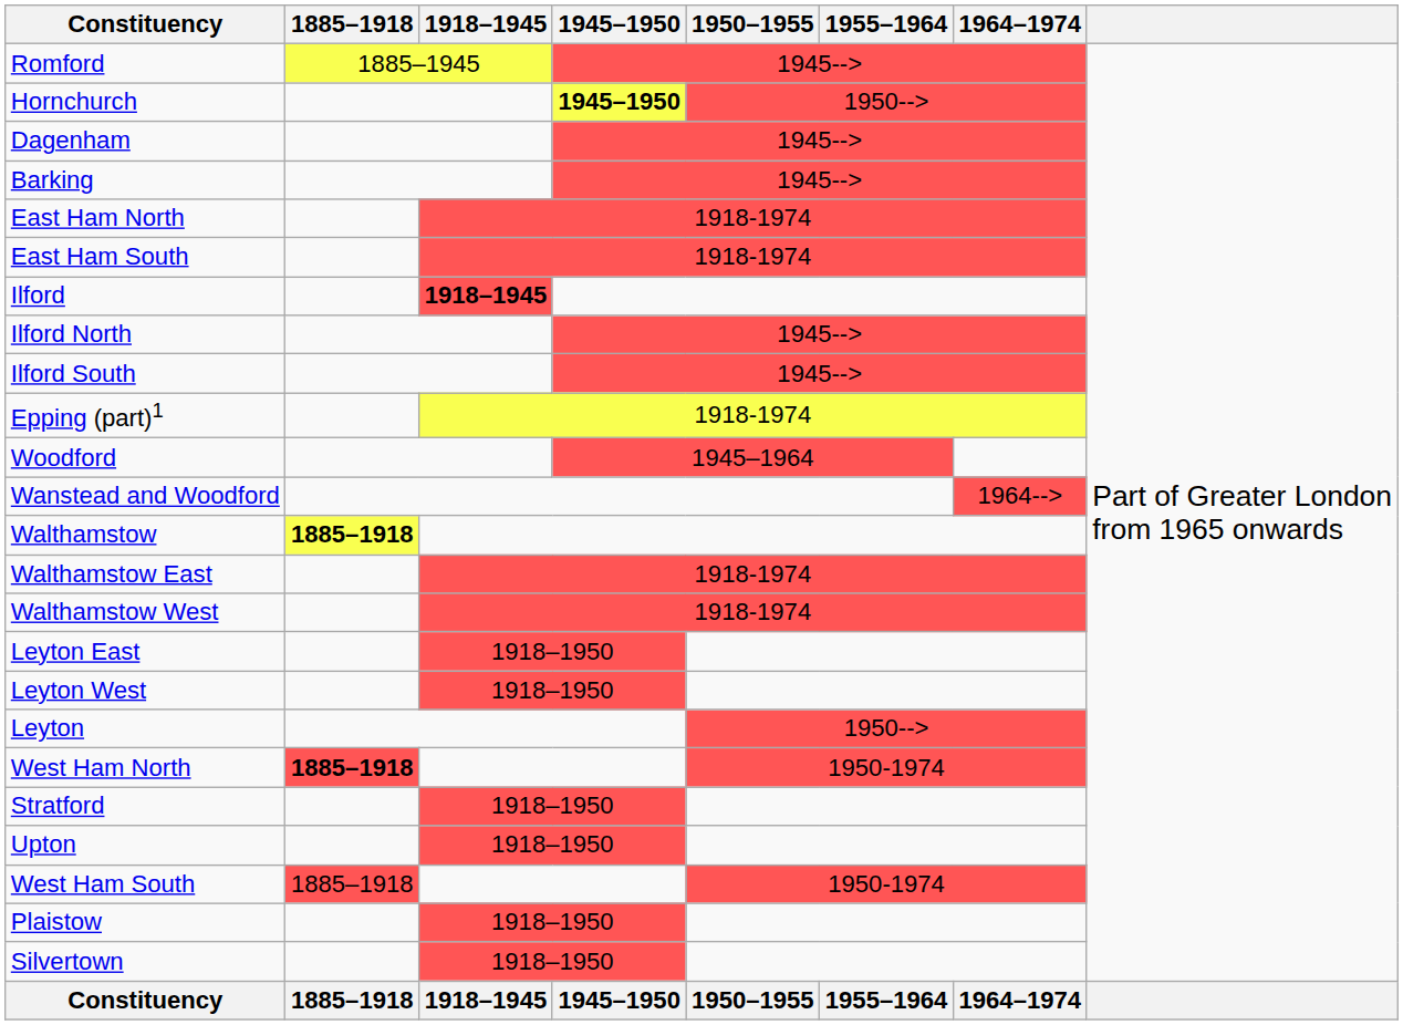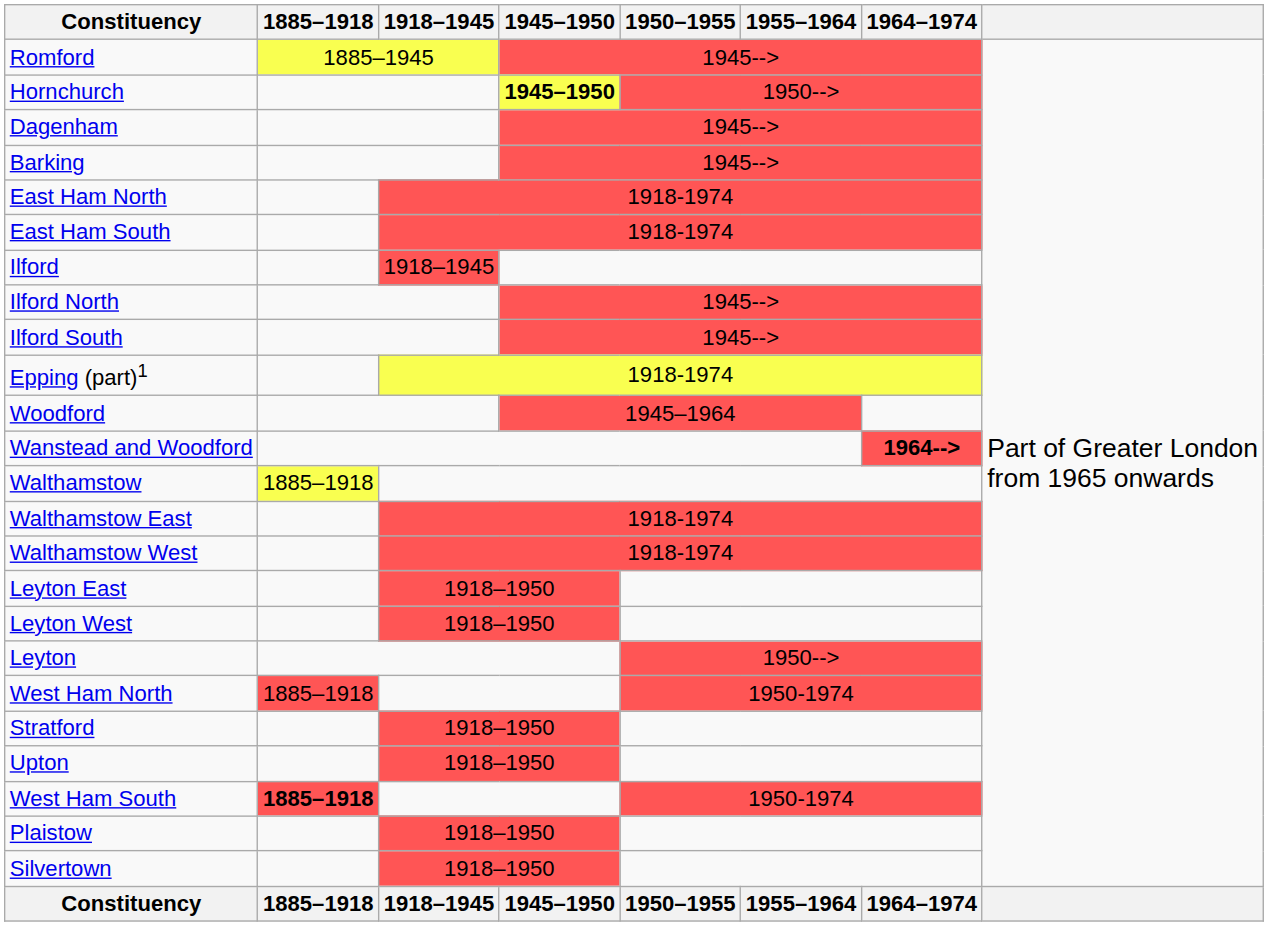 <table class="wikitable">
 <tr>
 <th>Constituency</th>
 <th>1885–1918</th>
 <th>1918–1945</th>
 <th>1945–1950</th>
 <th>1950–1955</th>
 <th>1955–1964</th>
 <th>1964–1974</th>
 <th></th>
 </tr>
 <tr>
 <td><a href='#'>Romford</a></td>
 <td colspan="2" align="center" bgcolor="#f9ff50">1885–1945</td>
 <td colspan="4" align="center" bgcolor="#ff5555">1945--></td>
 <td rowspan="24"><big>Part of Greater London</big><br><big>from 1965 onwards</big></td>
 </tr>
 <tr>
 <td><a href='#'>Hornchurch</a></td>
 <td colspan="2"></td>
 <td align="center" bgcolor="#f9ff50"><strong>1945–1950</strong></td>
 <td colspan="3" align="center" bgcolor="#ff5555">1950--></td>
 </tr>
 <tr>
 <td><a href='#'>Dagenham</a></td>
 <td colspan="2"></td>
 <td colspan="4" align="center" bgcolor="#ff5555">1945--></td>
 </tr>
 <tr>
 <td><a href='#'>Barking</a></td>
 <td colspan="2"></td>
 <td colspan="4" align="center" bgcolor="#ff5555">1945--></td>
 </tr>
 <tr>
 <td><a href='#'>East Ham North</a></td>
 <td></td>
 <td colspan="5" align="center" bgcolor="#ff5555">1918-1974</td>
 </tr>
 <tr>
 <td><a href='#'>East Ham South</a></td>
 <td></td>
 <td colspan="5" align="center" bgcolor="#ff5555">1918-1974</td>
 </tr>
 <tr>
 <td><a href='#'>Ilford</a></td>
 <td></td>
-<td align="center" bgcolor="#ff5555"><strong>1918–1945</strong></td>
+<td align="center" bgcolor="#ff5555">1918–1945</td>
 <td colspan="4"></td>
 </tr>
 <tr>
 <td><a href='#'>Ilford North</a></td>
 <td colspan="2"></td>
 <td colspan="4" align="center" bgcolor="#ff5555">1945--></td>
 </tr>
 <tr>
 <td><a href='#'>Ilford South</a></td>
 <td colspan="2"></td>
 <td colspan="4" align="center" bgcolor="#ff5555">1945--></td>
 </tr>
 <tr>
 <td><a href='#'>Epping</a> (part)<sup>1</sup></td>
 <td></td>
 <td colspan="5" align="center" bgcolor="#f9ff50">1918-1974</td>
 </tr>
 <tr>
 <td><a href='#'>Woodford</a></td>
 <td colspan="2"></td>
 <td colspan="3" align="center" bgcolor="#ff5555">1945–1964</td>
 <td></td>
 </tr>
 <tr>
 <td><a href='#'>Wanstead and Woodford</a></td>
 <td colspan="5"></td>
-<td align="center" bgcolor="#ff5555">1964--></td>
+<td align="center" bgcolor="#ff5555"><strong>1964--></strong></td>
 </tr>
 <tr>
 <td><a href='#'>Walthamstow</a></td>
-<td align="center" bgcolor="#f9ff50"><strong>1885–1918</strong></td>
+<td align="center" bgcolor="#f9ff50">1885–1918</td>
 <td colspan="5"></td>
 </tr>
 <tr>
 <td><a href='#'>Walthamstow East</a></td>
 <td></td>
 <td colspan="5" align="center" bgcolor="#ff5555">1918-1974</td>
 </tr>
 <tr>
 <td><a href='#'>Walthamstow West</a></td>
 <td></td>
 <td colspan="5" align="center" bgcolor="#ff5555">1918-1974</td>
 </tr>
 <tr>
 <td><a href='#'>Leyton East</a></td>
 <td></td>
 <td colspan="2" align="center" bgcolor="#ff5555">1918–1950</td>
 <td colspan="3"></td>
 </tr>
 <tr>
 <td><a href='#'>Leyton West</a></td>
 <td></td>
 <td colspan="2" align="center" bgcolor="#ff5555">1918–1950</td>
 <td colspan="3"></td>
 </tr>
 <tr>
 <td><a href='#'>Leyton</a></td>
 <td colspan="3"></td>
 <td colspan="3" align="center" bgcolor="#ff5555">1950--></td>
 </tr>
 <tr>
 <td><a href='#'>West Ham North</a></td>
-<td align="center" bgcolor="#ff5555"><strong>1885–1918</strong></td>
+<td align="center" bgcolor="#ff5555">1885–1918</td>
 <td colspan="2"></td>
 <td colspan="3" align="center" bgcolor="#ff5555">1950-1974</td>
 </tr>
 <tr>
 <td><a href='#'>Stratford</a></td>
 <td></td>
 <td colspan="2" align="center" bgcolor="#ff5555">1918–1950</td>
 <td colspan="3"></td>
 </tr>
 <tr>
 <td><a href='#'>Upton</a></td>
 <td></td>
 <td colspan="2" align="center" bgcolor="#ff5555">1918–1950</td>
 <td colspan="3"></td>
 </tr>
 <tr>
 <td><a href='#'>West Ham South</a></td>
-<td align="center" bgcolor="#ff5555">1885–1918</td>
+<td align="center" bgcolor="#ff5555"><strong>1885–1918</strong></td>
 <td colspan="2"></td>
 <td colspan="3" align="center" bgcolor="#ff5555">1950-1974</td>
 </tr>
 <tr>
 <td><a href='#'>Plaistow</a></td>
 <td></td>
 <td colspan="2" align="center" bgcolor="#ff5555">1918–1950</td>
 <td colspan="3"></td>
 </tr>
 <tr>
 <td><a href='#'>Silvertown</a></td>
 <td></td>
 <td colspan="2" align="center" bgcolor="#ff5555">1918–1950</td>
 <td colspan="3"></td>
 </tr>
 <tr>
 <th>Constituency</th>
 <th>1885–1918</th>
 <th>1918–1945</th>
 <th>1945–1950</th>
 <th>1950–1955</th>
 <th>1955–1964</th>
 <th>1964–1974</th>
 <th></th>
 </tr>
 </table>
